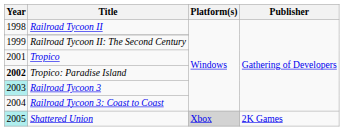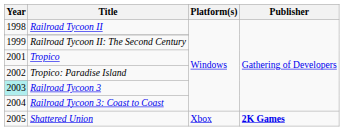 <table class="wikitable sortable">
 <tr>
 <th>Year</th>
 <th>Title</th>
 <th>Platform(s)</th>
 <th>Publisher</th>
 </tr>
 <tr>
 <td>1998</td>
 <td><em><a href='#'>Railroad Tycoon II</a></em></td>
 <td rowspan="7"><a href='#'>Windows</a></td>
 <td rowspan="7"><a href='#'>Gathering of Developers</a></td>
 </tr>
 <tr>
 <td rowspan="2">1999</td>
 </tr>
 <tr>
 <td><em>Railroad Tycoon II: The Second Century</em></td>
 </tr>
 <tr>
 <td>2001</td>
 <td><em><a href='#'>Tropico</a></em></td>
 </tr>
 <tr>
-<td><strong>2002</strong></td>
+<td>2002</td>
 <td><em>Tropico: Paradise Island</em></td>
 </tr>
 <tr>
 <td style="background: paleturquoise;">2003</td>
 <td><em><a href='#'>Railroad Tycoon 3</a></em></td>
 </tr>
 <tr>
 <td>2004</td>
 <td><em><a href='#'>Railroad Tycoon 3: Coast to Coast</a></em></td>
 </tr>
 <tr>
-<td style="background: paleturquoise;">2005</td>
+<td>2005</td>
 <td><em><a href='#'>Shattered Union</a></em></td>
-<td style="background: lightgrey;"><a href='#'>Xbox</a></td>
-<td><a href='#'>2K Games</a></td>
+<td><a href='#'>Xbox</a></td>
+<td><strong><a href='#'>2K Games</a></strong></td>
 </tr>
 </table>
